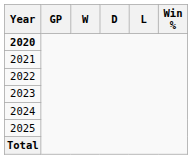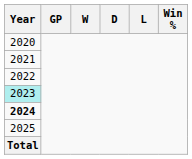 <table class="wikitable" style="text-align: center">
 <tr>
 <th>Year</th>
 <th width="30">GP</th>
 <th width="30">W</th>
 <th width="30">D</th>
 <th width="30">L</th>
 <th width="30">Win %</th>
 </tr>
 <tr>
-<td><strong>2020<br></strong></td>
+<td>2020<br></td>
 </tr>
 <tr>
 <td>2021<br></td>
 </tr>
 <tr>
 <td>2022<br></td>
 </tr>
 <tr>
-<td>2023<br></td>
+<td style="background: paleturquoise;">2023<br></td>
 </tr>
 <tr>
-<td>2024<br></td>
+<td><strong>2024<br></strong></td>
 </tr>
 <tr>
 <td>2025<br></td>
 </tr>
 <tr>
 <th>Total<br></th>
 </tr>
 </table>
